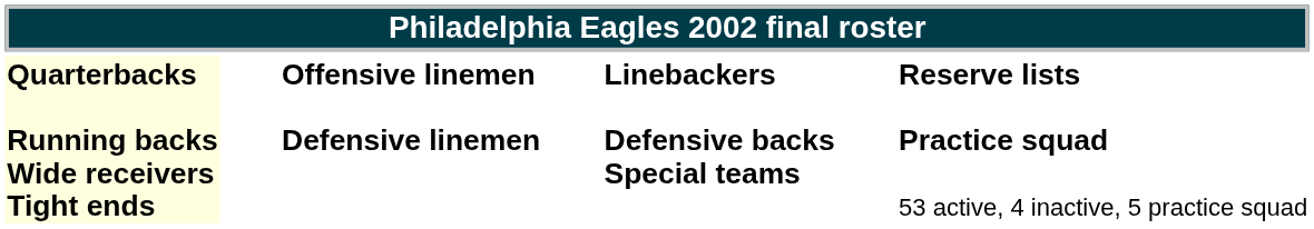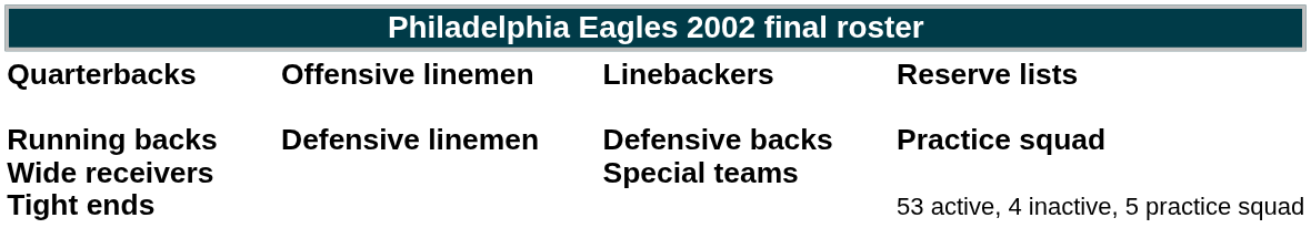 <table class="toccolours" style="text-align: left;">
 <tr>
 <th colspan="9" style="background:#003b48; border:2px solid silver; color:white; text-align:center;"><strong>Philadelphia Eagles 2002 final roster</strong></th>
 </tr>
 <tr>
-<td style="background: lightyellow; font-size:95%; vertical-align:top;"><strong>Quarterbacks</strong><br>   <br><strong>Running backs</strong>     <br><strong>Wide receivers</strong>      <br><strong>Tight ends</strong>  </td>
+<td style="font-size:95%; vertical-align:top;"><strong>Quarterbacks</strong><br>   <br><strong>Running backs</strong>     <br><strong>Wide receivers</strong>      <br><strong>Tight ends</strong>  </td>
 <td style="width: 25px;"></td>
 <td style="font-size:95%; vertical-align:top;"><strong>Offensive linemen</strong><br>        <br><strong>Defensive linemen</strong>        </td>
 <td style="width: 25px;"></td>
 <td style="font-size:95%; vertical-align:top;"><strong>Linebackers </strong><br>       <br><strong>Defensive backs</strong>        <br><strong>Special teams</strong>   </td>
 <td style="width: 25px;"></td>
 <td style="font-size:95%; vertical-align:top;"><strong>Reserve lists</strong><br>   <br><strong>Practice squad</strong>     <br><br>  <small>53 active, 4 inactive, 5 practice squad</small></td>
 </tr>
 <tr>
 </tr>
 </table>
